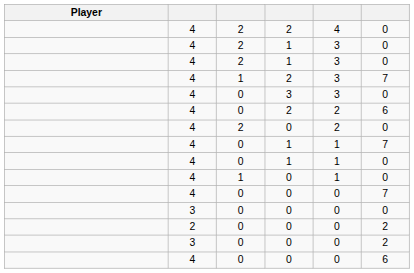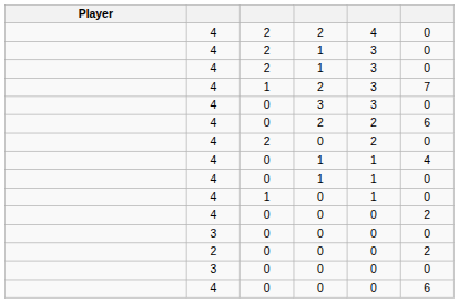 <table class="wikitable sortable" style="width:100%;">
 <tr align=center>
 <th>Player</th>
 <th></th>
 <th></th>
 <th></th>
 <th></th>
 <th></th>
 </tr>
 <tr align=center>
 <td></td>
 <td>4</td>
 <td>2</td>
 <td>2</td>
 <td>4</td>
 <td>0</td>
 </tr>
 <tr align=center>
 <td></td>
 <td>4</td>
 <td>2</td>
 <td>1</td>
 <td>3</td>
 <td>0</td>
 </tr>
 <tr align=center>
 <td></td>
 <td>4</td>
 <td>2</td>
 <td>1</td>
 <td>3</td>
 <td>0</td>
 </tr>
 <tr align=center>
 <td></td>
 <td>4</td>
 <td>1</td>
 <td>2</td>
 <td>3</td>
 <td>7</td>
 </tr>
 <tr align=center>
 <td></td>
 <td>4</td>
 <td>0</td>
 <td>3</td>
 <td>3</td>
 <td>0</td>
 </tr>
 <tr align=center>
 <td></td>
 <td>4</td>
 <td>0</td>
 <td>2</td>
 <td>2</td>
 <td>6</td>
 </tr>
 <tr align=center>
 <td></td>
 <td>4</td>
 <td>2</td>
 <td>0</td>
 <td>2</td>
 <td>0</td>
 </tr>
 <tr align=center>
 <td></td>
 <td>4</td>
 <td>0</td>
 <td>1</td>
 <td>1</td>
-<td>7</td>
+<td>4</td>
 </tr>
 <tr align=center>
 <td></td>
 <td>4</td>
 <td>0</td>
 <td>1</td>
 <td>1</td>
 <td>0</td>
 </tr>
 <tr align=center>
 <td></td>
 <td>4</td>
 <td>1</td>
 <td>0</td>
 <td>1</td>
 <td>0</td>
 </tr>
 <tr align=center>
 <td></td>
 <td>4</td>
 <td>0</td>
 <td>0</td>
 <td>0</td>
-<td>7</td>
+<td>2</td>
 </tr>
 <tr align=center>
 <td></td>
 <td>3</td>
 <td>0</td>
 <td>0</td>
 <td>0</td>
 <td>0</td>
 </tr>
 <tr align=center>
 <td></td>
 <td>2</td>
 <td>0</td>
 <td>0</td>
 <td>0</td>
 <td>2</td>
 </tr>
 <tr align=center>
 <td></td>
 <td>3</td>
 <td>0</td>
 <td>0</td>
 <td>0</td>
-<td>2</td>
+<td>0</td>
 </tr>
 <tr align=center>
 <td></td>
 <td>4</td>
 <td>0</td>
 <td>0</td>
 <td>0</td>
 <td>6</td>
 </tr>
 </table>
